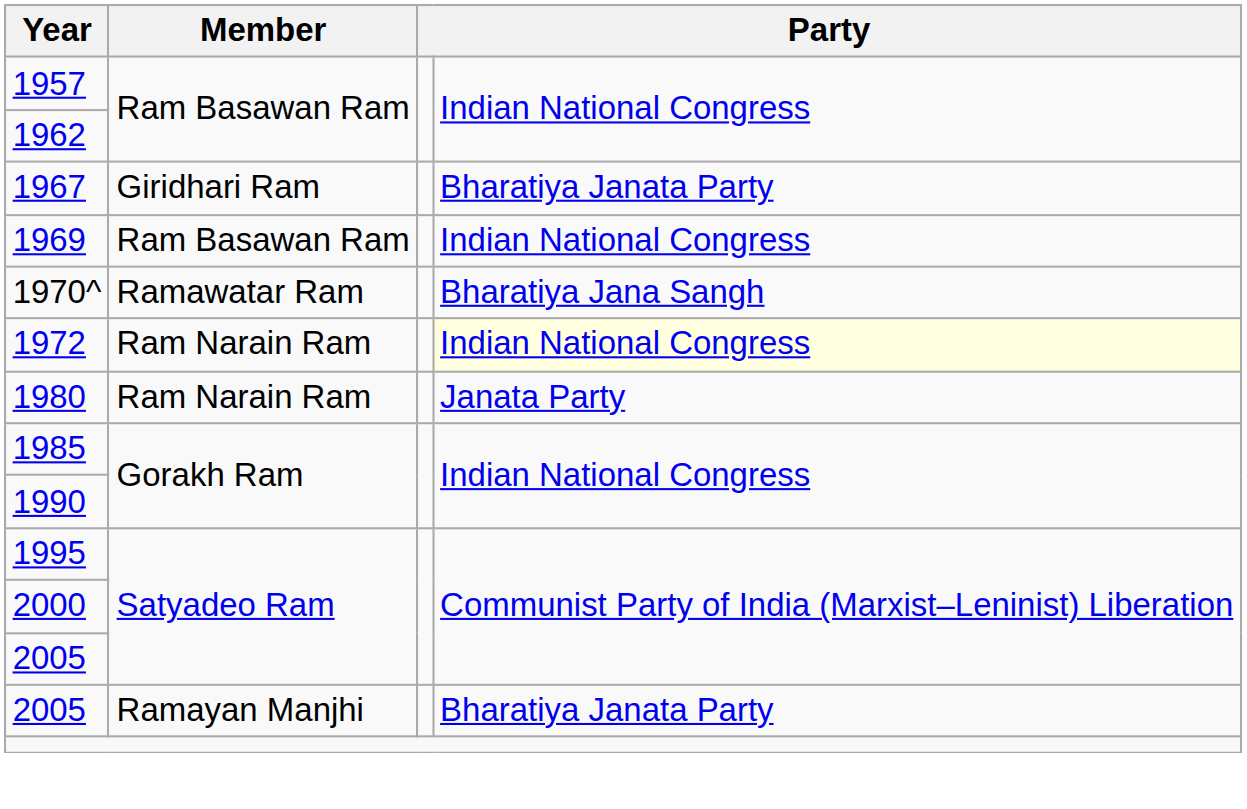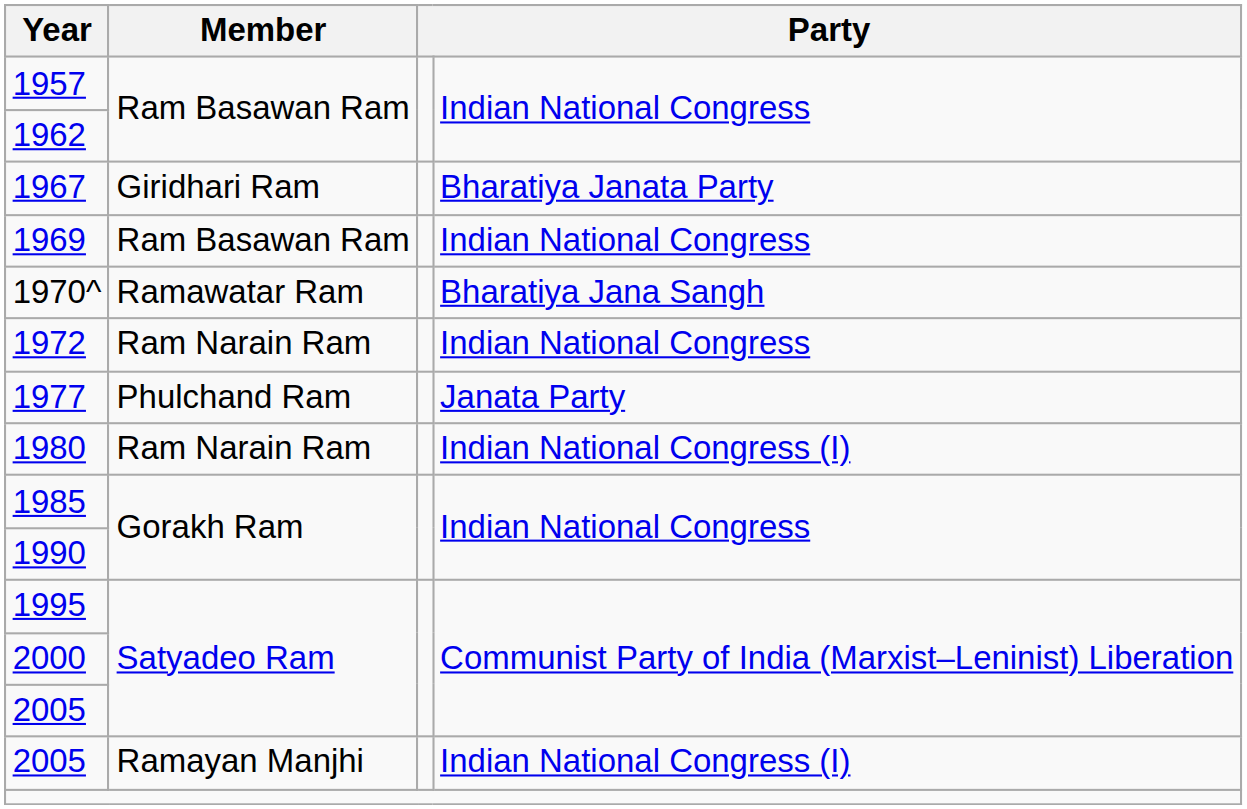 <table class="wikitable">
 <tr>
 <th>Year</th>
 <th>Member</th>
 <th colspan="2">Party</th>
 </tr>
 <tr>
 <td><a href='#'>1957</a></td>
 <td rowspan="2">Ram Basawan Ram</td>
 <td rowspan="2" style=background-color:></td>
 <td rowspan="2"><a href='#'>Indian National Congress</a></td>
 </tr>
 <tr>
 <td><a href='#'>1962</a></td>
 </tr>
 <tr>
 <td><a href='#'>1967</a></td>
 <td>Giridhari Ram</td>
 <td style=background-color:></td>
 <td><a href='#'>Bharatiya Janata Party</a></td>
 </tr>
 <tr>
 <td><a href='#'>1969</a></td>
 <td>Ram Basawan Ram</td>
 <td style=background-color:></td>
 <td><a href='#'>Indian National Congress</a></td>
 </tr>
 <tr>
 <td>1970^</td>
 <td>Ramawatar Ram</td>
 <td style="background-color:"></td>
 <td><a href='#'>Bharatiya Jana Sangh</a></td>
 </tr>
 <tr>
 <td><a href='#'>1972</a></td>
 <td>Ram Narain Ram</td>
 <td style="background-color:"></td>
-<td style="background: lightyellow;"><a href='#'>Indian National Congress</a></td>
+<td><a href='#'>Indian National Congress</a></td>
+</tr>
+<tr>
+<td><a href='#'>1977</a></td>
+<td>Phulchand Ram</td>
+<td style="background-color:"></td>
+<td><a href='#'>Janata Party</a></td>
 </tr>
 <tr>
 <td><a href='#'>1980</a></td>
 <td>Ram Narain Ram</td>
 <td style="background-color:"></td>
-<td><a href='#'>Janata Party</a></td>
+<td><a href='#'>Indian National Congress (I)</a></td>
 </tr>
 <tr>
 <td><a href='#'>1985</a></td>
 <td rowspan="2">Gorakh Ram</td>
 <td rowspan="2" style="background-color:"></td>
 <td rowspan="2"><a href='#'>Indian National Congress</a></td>
 </tr>
 <tr>
 <td><a href='#'>1990</a></td>
 </tr>
 <tr>
 <td><a href='#'>1995</a></td>
 <td rowspan="3"><a href='#'>Satyadeo Ram</a></td>
 <td rowspan="3" style="background-color:"></td>
 <td rowspan="3"><a href='#'>Communist Party of India (Marxist–Leninist) Liberation</a></td>
 </tr>
 <tr>
 <td><a href='#'>2000</a></td>
 </tr>
 <tr>
 <td><a href='#'>2005</a></td>
 </tr>
 <tr>
 <td><a href='#'>2005</a></td>
 <td>Ramayan Manjhi</td>
 <td style="background-color:"></td>
-<td><a href='#'>Bharatiya Janata Party</a></td>
+<td><a href='#'>Indian National Congress (I)</a></td>
 </tr>
 <tr>
 <td colspan="4"></td>
 </tr>
 </table>
